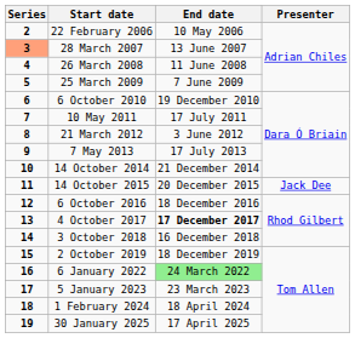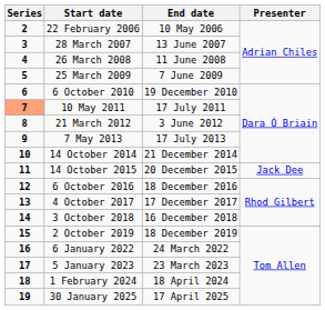 <table class="wikitable" style="text-align:center;">
 <tr>
 <th>Series</th>
 <th>Start date</th>
 <th>End date</th>
 <th>Presenter</th>
 </tr>
 <tr>
 <td><strong>2</strong></td>
 <td>22 February 2006</td>
 <td>10 May 2006</td>
 <td rowspan=4><a href='#'>Adrian Chiles</a></td>
 </tr>
 <tr>
-<td style="background: lightsalmon;"><strong>3</strong></td>
+<td><strong>3</strong></td>
 <td>28 March 2007</td>
 <td>13 June 2007</td>
 </tr>
 <tr>
 <td><strong>4</strong></td>
 <td>26 March 2008</td>
 <td>11 June 2008</td>
 </tr>
 <tr>
 <td><strong>5</strong></td>
 <td>25 March 2009</td>
 <td>7 June 2009</td>
 </tr>
 <tr>
 <td><strong>6</strong></td>
 <td>6 October 2010</td>
 <td>19 December 2010</td>
 <td rowspan=5><a href='#'>Dara Ó Briain</a></td>
 </tr>
 <tr>
-<td><strong>7</strong></td>
+<td style="background: lightsalmon;"><strong>7</strong></td>
 <td>10 May 2011</td>
 <td>17 July 2011</td>
 </tr>
 <tr>
 <td><strong>8</strong></td>
 <td>21 March 2012</td>
 <td>3 June 2012</td>
 </tr>
 <tr>
 <td><strong>9</strong></td>
 <td>7 May 2013</td>
 <td>17 July 2013</td>
 </tr>
 <tr>
 <td><strong>10</strong></td>
 <td>14 October 2014</td>
 <td>21 December 2014</td>
 </tr>
 <tr>
 <td><strong>11</strong></td>
 <td>14 October 2015</td>
 <td>20 December 2015</td>
 <td><a href='#'>Jack Dee</a></td>
 </tr>
 <tr>
 <td><strong>12</strong></td>
 <td>6 October 2016</td>
 <td>18 December 2016</td>
 <td rowspan="3"><a href='#'>Rhod Gilbert</a></td>
 </tr>
 <tr>
 <td><strong>13</strong></td>
 <td>4 October 2017</td>
-<td><strong>17 December 2017</strong></td>
+<td>17 December 2017</td>
 </tr>
 <tr>
 <td><strong>14</strong></td>
 <td>3 October 2018</td>
 <td>16 December 2018</td>
 </tr>
 <tr>
 <td><strong>15</strong></td>
 <td>2 October 2019</td>
 <td>18 December 2019</td>
 <td rowspan="5"><a href='#'>Tom Allen</a></td>
 </tr>
 <tr>
 <td><strong>16</strong></td>
 <td>6 January 2022</td>
-<td style="background: lightgreen;">24 March 2022</td>
+<td>24 March 2022</td>
 </tr>
 <tr>
 <td><strong>17</strong></td>
 <td>5 January 2023</td>
 <td>23 March 2023</td>
 </tr>
 <tr>
 <td><strong>18</strong></td>
 <td>1 February 2024</td>
 <td>18 April 2024</td>
 </tr>
 <tr>
 <td><strong>19</strong></td>
 <td>30 January 2025</td>
 <td>17 April 2025</td>
 </tr>
 </table>
